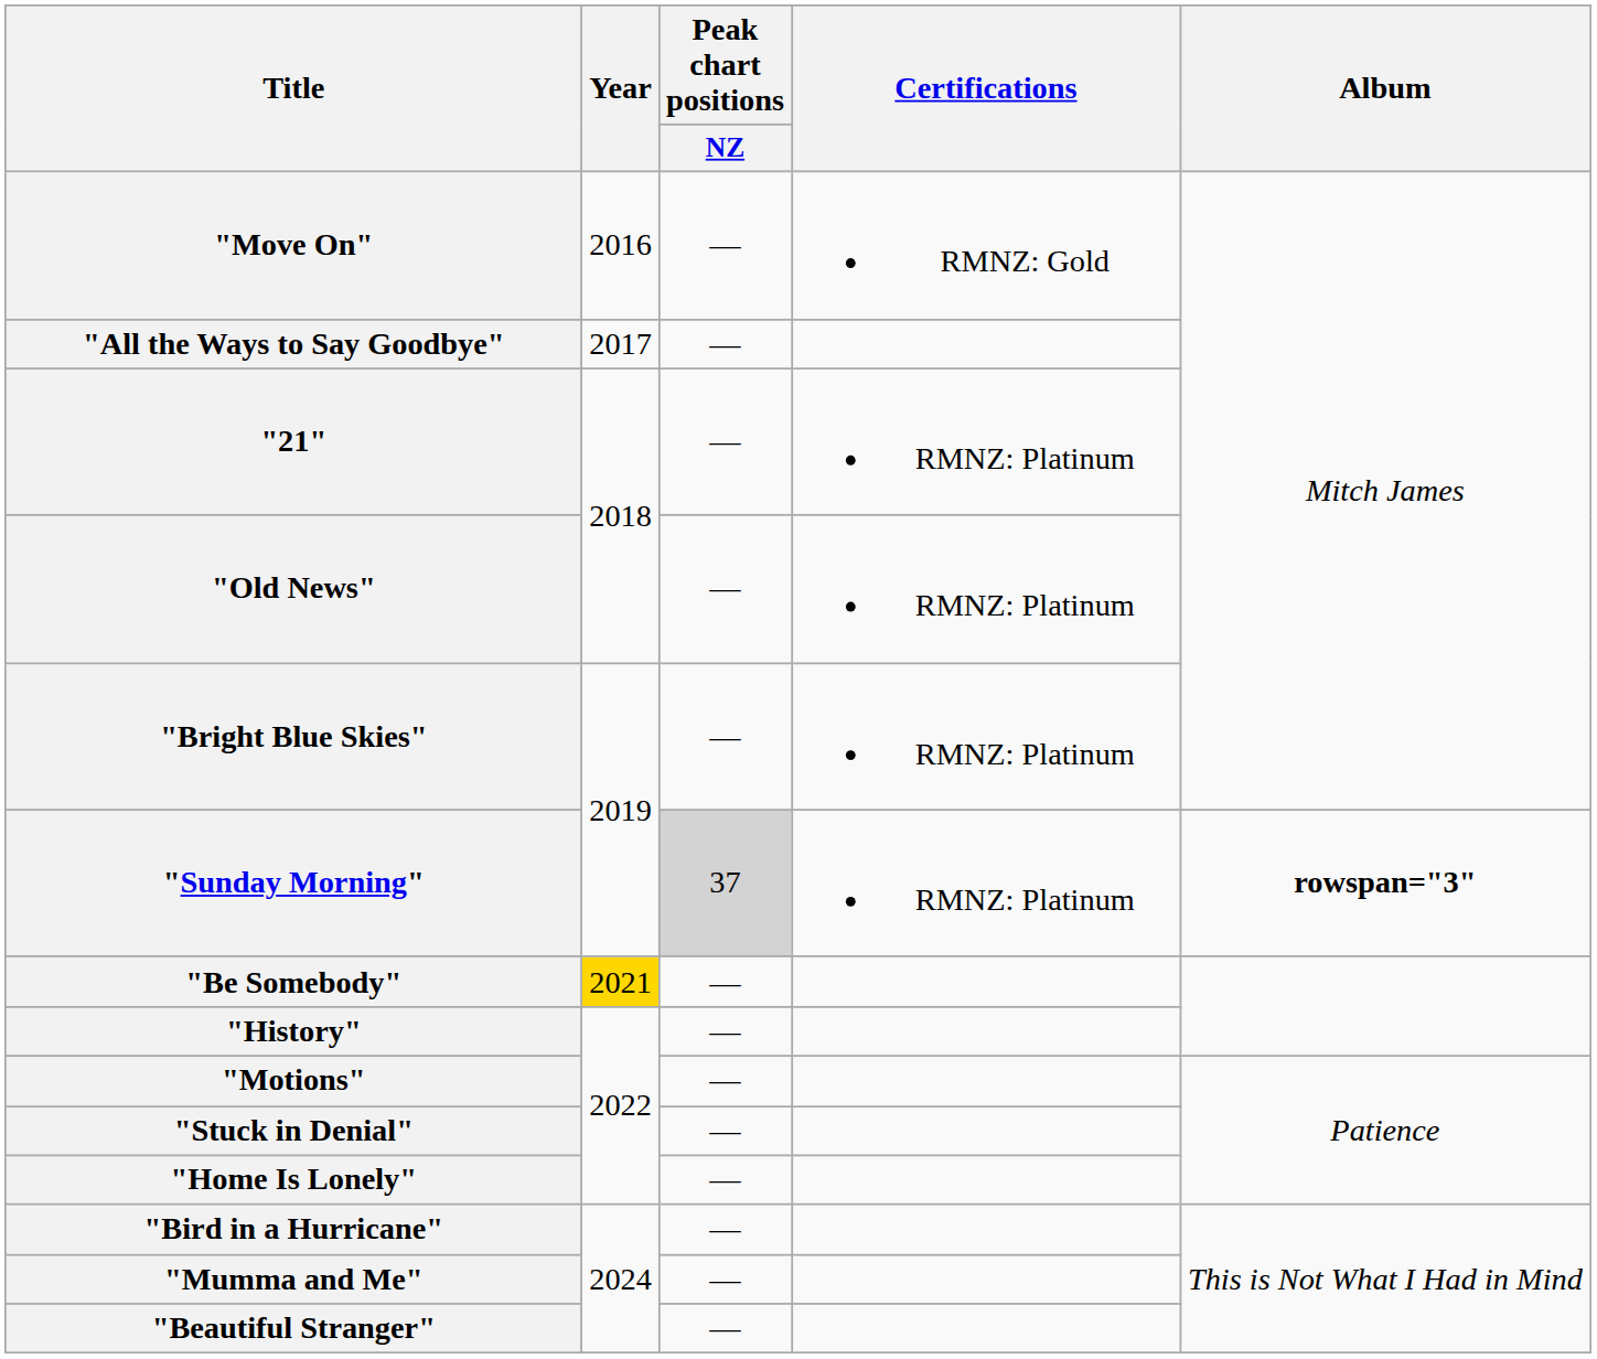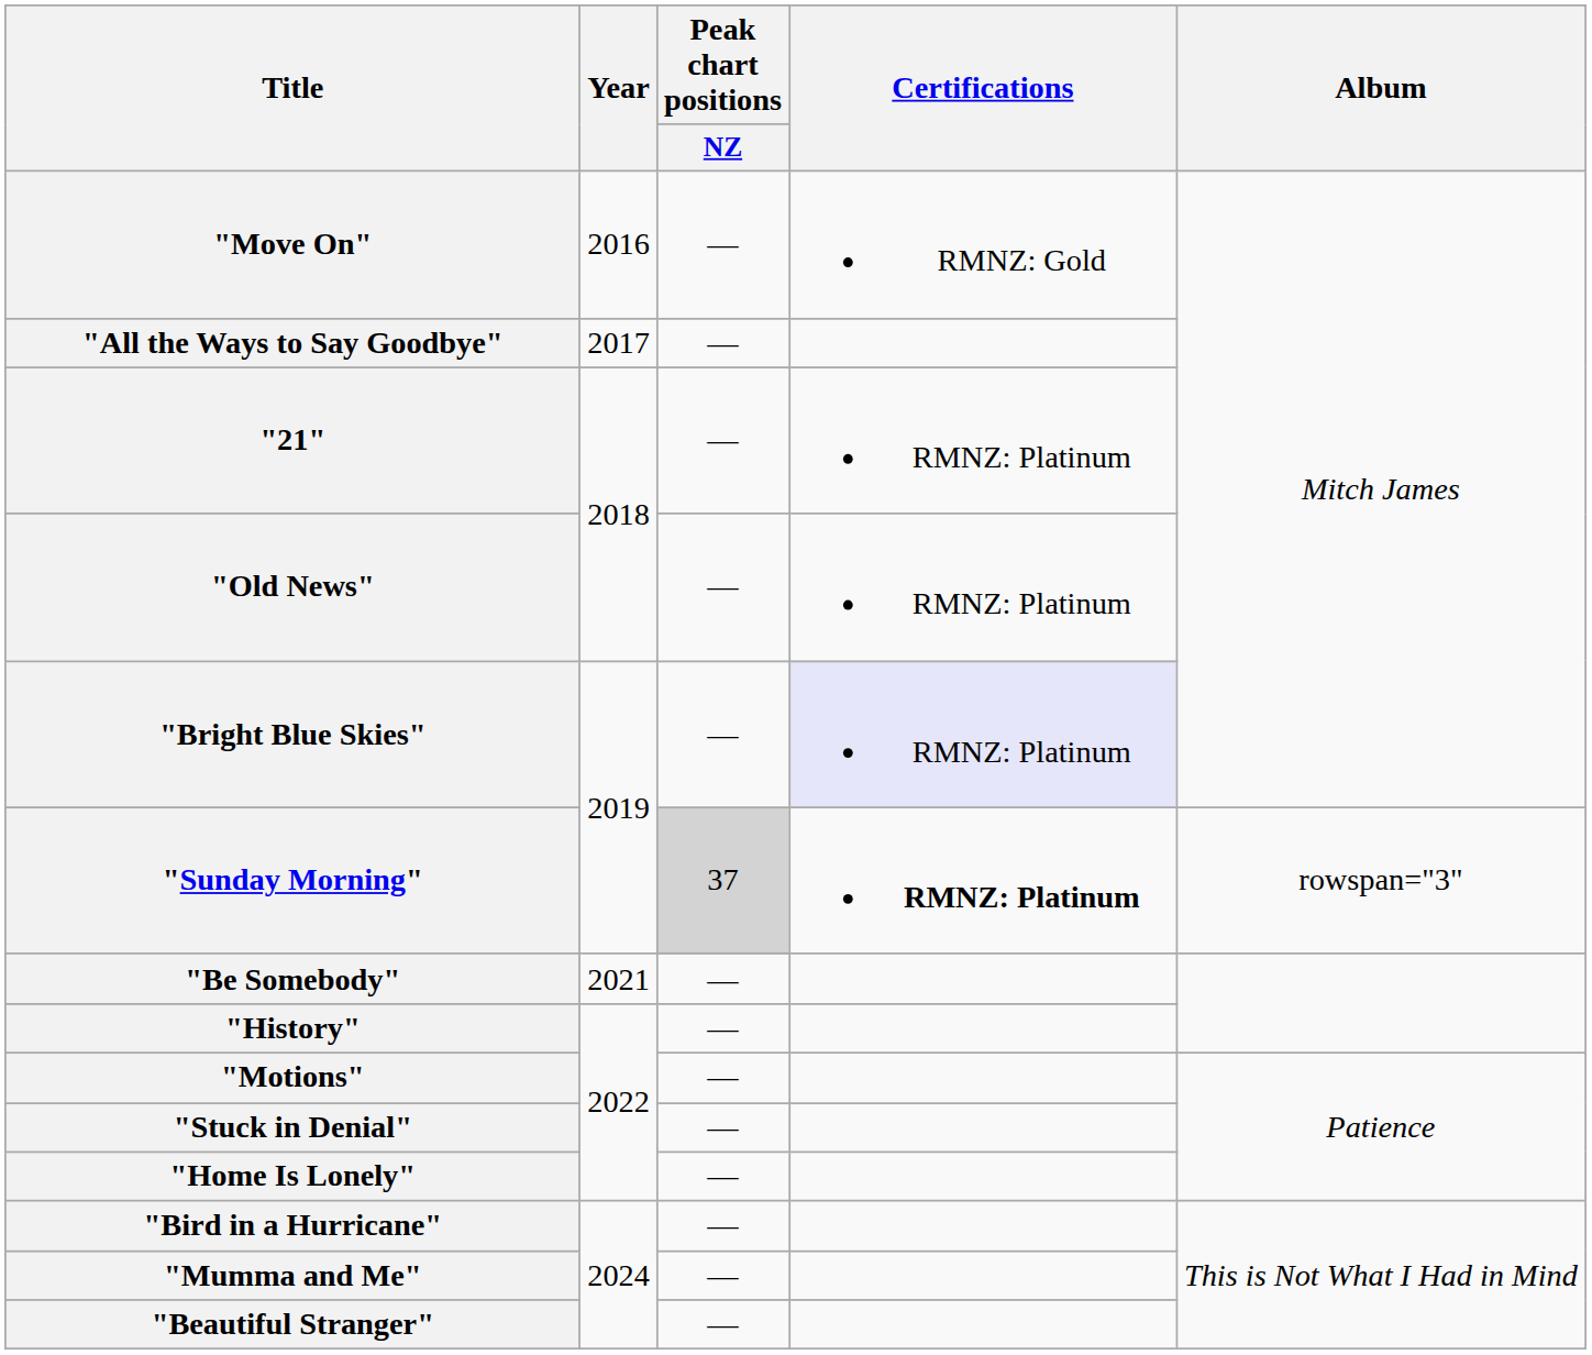 <table class="wikitable plainrowheaders" style="text-align:center;" border="1">
 <tr>
 <th scope="col" rowspan="2" style="width:18em;">Title</th>
 <th scope="col" rowspan="2">Year</th>
 <th scope="col">Peak chart positions</th>
 <th scope="col" rowspan="2" style="width:12em;"><a href='#'>Certifications</a></th>
 <th scope="col" rowspan="2">Album</th>
 </tr>
 <tr>
 <th scope="col" style="width:3em;font-size:90%;"><a href='#'>NZ</a><br></th>
 </tr>
 <tr>
 <th scope="row">"Move On"</th>
 <td>2016</td>
 <td>—</td>
 <td><br><ul><li>RMNZ: Gold</li></ul></td>
 <td rowspan="5"><em>Mitch James</em></td>
 </tr>
 <tr>
 <th scope="row">"All the Ways to Say Goodbye"</th>
 <td>2017</td>
 <td>—</td>
 <td></td>
 </tr>
 <tr>
 <th scope="row">"21"</th>
 <td rowspan="2">2018</td>
 <td>—</td>
 <td><br><ul><li>RMNZ: Platinum</li></ul></td>
 </tr>
 <tr>
 <th scope="row">"Old News"</th>
 <td>—</td>
 <td><br><ul><li>RMNZ: Platinum </li></ul></td>
 </tr>
 <tr>
 <th scope="row">"Bright Blue Skies"</th>
 <td rowspan="2">2019</td>
 <td>—</td>
-<td><br><ul><li>RMNZ: Platinum</li></ul></td>
+<td style="background: lavender;"><br><ul><li>RMNZ: Platinum</li></ul></td>
 </tr>
 <tr>
 <th scope="row">"<a href='#'>Sunday Morning</a>"</th>
 <td style="background: lightgrey;">37</td>
-<td><br><ul><li>RMNZ: Platinum</li></ul></td>
-<td><strong>rowspan="3" </strong></td>
+<td><strong><br><ul><li>RMNZ: Platinum</li></ul></strong></td>
+<td>rowspan="3" </td>
 </tr>
 <tr>
 <th scope="row">"Be Somebody"</th>
-<td style="background: gold;">2021</td>
+<td>2021</td>
 <td>—</td>
 <td></td>
 </tr>
 <tr>
 <th scope="row">"History"</th>
 <td rowspan="4">2022</td>
 <td>—</td>
 <td></td>
 </tr>
 <tr>
 <th scope="row">"Motions"</th>
 <td>—</td>
 <td></td>
 <td rowspan="3"><em>Patience</em></td>
 </tr>
 <tr>
 <th scope="row">"Stuck in Denial"</th>
 <td>—</td>
 <td></td>
 </tr>
 <tr>
 <th scope="row">"Home Is Lonely"</th>
 <td>—</td>
 <td></td>
 </tr>
 <tr>
 <th scope="row">"Bird in a Hurricane"</th>
 <td rowspan="3">2024</td>
 <td>—</td>
 <td></td>
 <td rowspan="3"><em>This is Not What I Had in Mind</em></td>
 </tr>
 <tr>
 <th scope="row">"Mumma and Me"</th>
 <td>—</td>
 <td></td>
 </tr>
 <tr>
 <th scope="row">"Beautiful Stranger"</th>
 <td>—</td>
 <td></td>
 </tr>
 </table>
